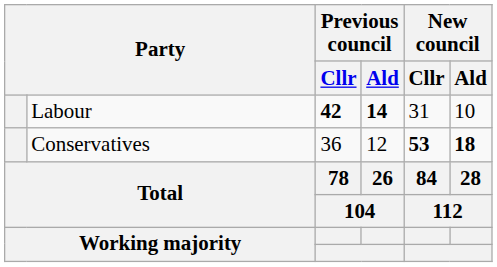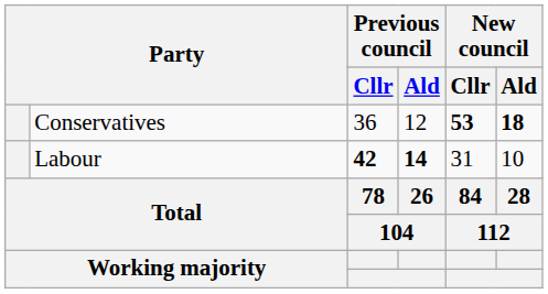 <table class="wikitable">
 <tr>
 <th colspan="2" rowspan="2" style="width: 230px">Party</th>
 <th valign=top colspan="2" style="width: 30px">Previous council</th>
 <th valign=top colspan="2" style="width: 30px">New council</th>
 </tr>
 <tr>
 <th><a href='#'>Cllr</a></th>
 <th><a href='#'>Ald</a></th>
 <th>Cllr</th>
 <th>Ald</th>
 </tr>
 <tr>
 <th style="background-color: "></th>
+<td>Conservatives</td>
+<td>36</td>
+<td>12</td>
+<td><strong>53</strong></td>
+<td><strong>18</strong></td>
+</tr>
+<tr>
+<th style="background-color: "></th>
 <td>Labour</td>
 <td><strong>42</strong></td>
 <td><strong>14</strong></td>
 <td>31</td>
 <td>10</td>
-</tr>
-<tr>
-<th style="background-color: "></th>
-<td>Conservatives</td>
-<td>36</td>
-<td>12</td>
-<td><strong>53</strong></td>
-<td><strong>18</strong></td>
 </tr>
 <tr>
 <th colspan="2" rowspan="2">Total</th>
 <th style="text-align: center">78</th>
 <th style="text-align: center">26</th>
 <th style="text-align: center">84</th>
 <th style="text-align: center">28</th>
 </tr>
 <tr>
 <th colspan="2" style="text-align: center">104</th>
 <th colspan="2" style="text-align: center">112</th>
 </tr>
 <tr>
 <th colspan="2" rowspan="2">Working majority</th>
 <th></th>
 <th></th>
 <th></th>
 <th></th>
 </tr>
 <tr>
 <th colspan="2"></th>
 <th colspan="2"></th>
 </tr>
 </table>
